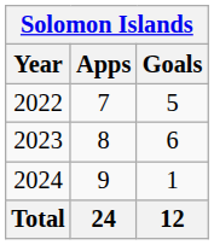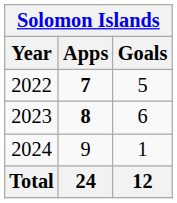 <table class="wikitable" style="text-align:center">
 <tr>
 <th colspan=3><a href='#'>Solomon Islands</a></th>
 </tr>
 <tr>
 <th>Year</th>
 <th>Apps</th>
 <th>Goals</th>
 </tr>
 <tr>
 <td>2022</td>
-<td>7</td>
+<td><strong>7</strong></td>
 <td>5</td>
 </tr>
 <tr>
 <td>2023</td>
-<td>8</td>
+<td><strong>8</strong></td>
 <td>6</td>
 </tr>
 <tr>
 <td>2024</td>
 <td>9</td>
 <td>1</td>
 </tr>
 <tr>
 <th>Total</th>
 <th>24</th>
 <th>12</th>
 </tr>
 </table>
